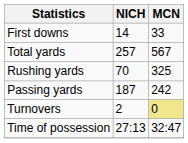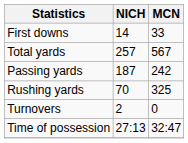 <table class="wikitable">
 <tr>
 <th>Statistics</th>
 <th>NICH</th>
 <th>MCN</th>
 </tr>
 <tr>
 <td>First downs</td>
 <td>14</td>
 <td>33</td>
 </tr>
 <tr>
 <td>Total yards</td>
 <td>257</td>
 <td>567</td>
 </tr>
 <tr>
+<td>Passing yards</td>
+<td>187</td>
+<td>242</td>
+</tr>
+<tr>
 <td>Rushing yards</td>
 <td>70</td>
 <td>325</td>
 </tr>
 <tr>
-<td>Passing yards</td>
-<td>187</td>
-<td>242</td>
-</tr>
-<tr>
 <td>Turnovers</td>
 <td>2</td>
-<td style="background: khaki;">0</td>
+<td>0</td>
 </tr>
 <tr>
 <td>Time of possession</td>
 <td>27:13</td>
 <td>32:47</td>
 </tr>
 <tr>
 </tr>
 </table>
